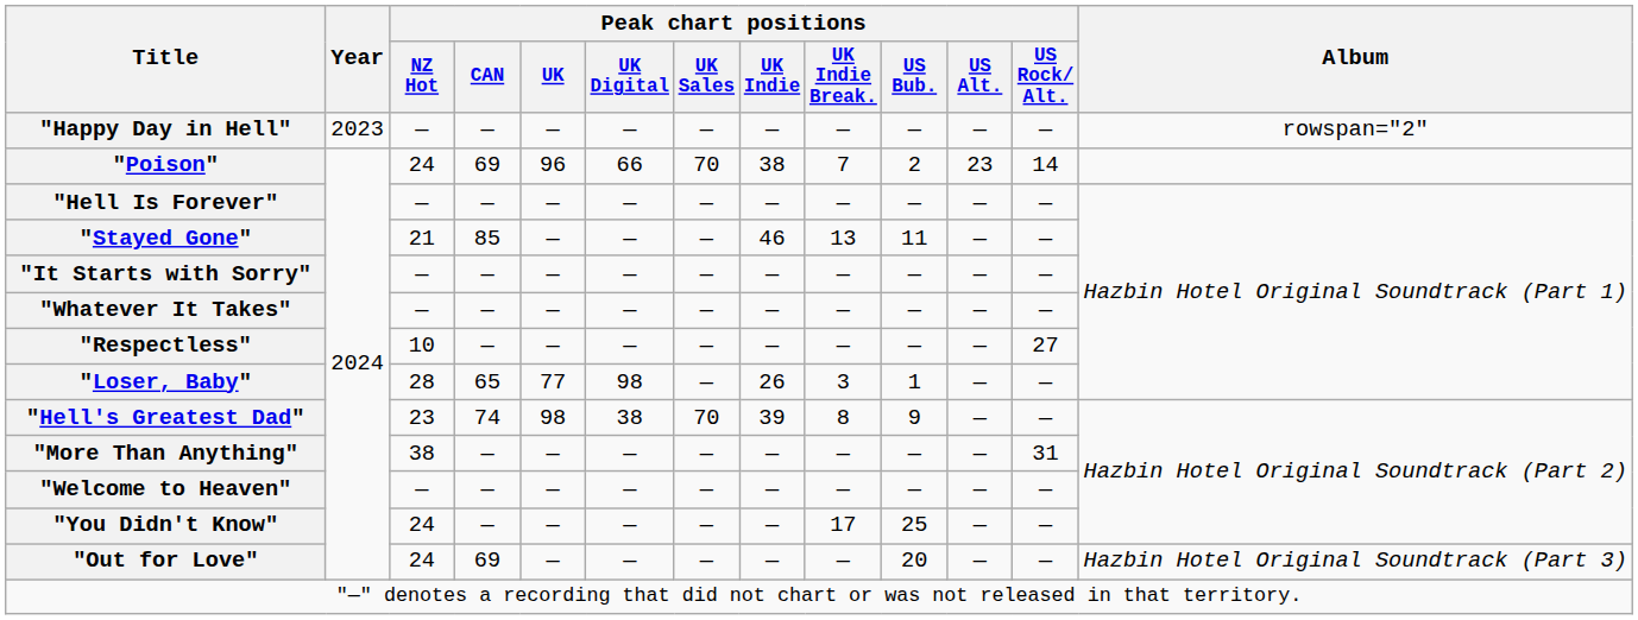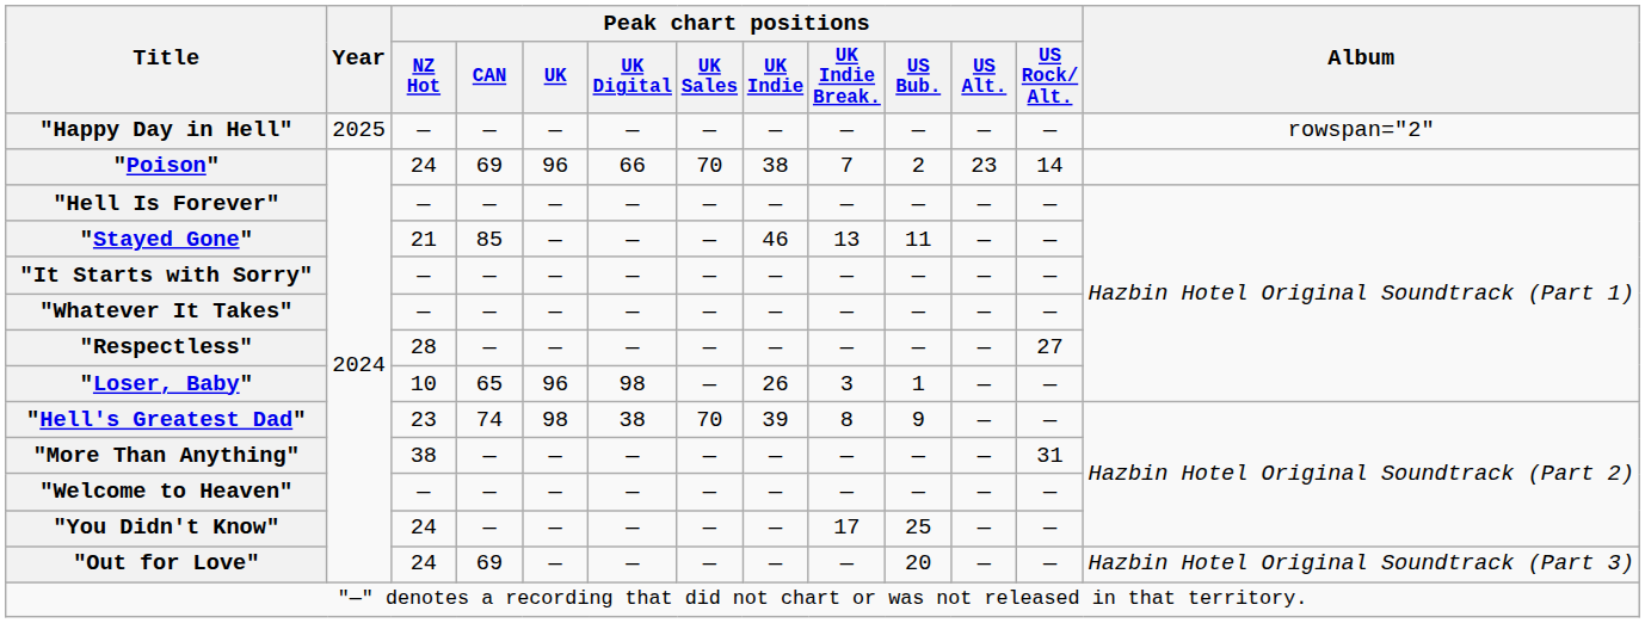 <table class="wikitable plainrowheaders" style="text-align:center">
 <tr>
 <th scope="col" rowspan="2" style="width:14em;">Title</th>
 <th scope="col" rowspan="2" style="width:1em;">Year</th>
 <th scope="col" colspan="10">Peak chart positions</th>
 <th scope="col" rowspan="2">Album</th>
 </tr>
 <tr>
 <th scope="col" style="width:3em;font-size:85%;"><a href='#'>NZ Hot</a><br></th>
 <th scope="col" style="width:3em;font-size:85%;"><a href='#'>CAN</a><br></th>
 <th scope="col" style="width:3em;font-size:85%;"><a href='#'>UK</a><br></th>
 <th scope="col" style="width:3em;font-size:85%;"><a href='#'>UK Digital</a></th>
 <th scope="col" style="width:3em;font-size:85%;"><a href='#'>UK Sales</a></th>
 <th scope="col" style="width:3em;font-size:85%;"><a href='#'>UK Indie</a></th>
 <th scope="col" style="width:3em;font-size:85%;"><a href='#'>UK<br>Indie<br>Break.</a></th>
 <th scope="col" style="width:3em;font-size:85%;"><a href='#'>US<br>Bub.</a><br></th>
 <th scope="col" style="width:3em;font-size:85%;"><a href='#'>US<br>Alt.</a></th>
 <th scope="col" style="width:3em;font-size:85%;"><a href='#'>US<br>Rock/<br>Alt.</a><br></th>
 </tr>
 <tr>
 <th scope="row">"Happy Day in Hell"</th>
-<td>2023</td>
+<td>2025</td>
 <td>—</td>
 <td>—</td>
 <td>—</td>
 <td>—</td>
 <td>—</td>
 <td>—</td>
 <td>—</td>
 <td>—</td>
 <td>—</td>
 <td>—</td>
 <td>rowspan="2" </td>
 </tr>
 <tr>
 <th scope="row">"<a href='#'>Poison</a>"</th>
 <td rowspan="12">2024</td>
 <td>24</td>
 <td>69</td>
 <td>96</td>
 <td>66</td>
 <td>70</td>
 <td>38</td>
 <td>7</td>
 <td>2</td>
 <td>23</td>
 <td>14</td>
 </tr>
 <tr>
 <th scope="row">"Hell Is Forever"</th>
 <td>—</td>
 <td>—</td>
 <td>—</td>
 <td>—</td>
 <td>—</td>
 <td>—</td>
 <td>—</td>
 <td>—</td>
 <td>—</td>
 <td>—</td>
 <td rowspan="6"><em>Hazbin Hotel Original Soundtrack (Part 1)</em></td>
 </tr>
 <tr>
 <th scope="row">"<a href='#'>Stayed Gone</a>"</th>
 <td>21</td>
 <td>85</td>
 <td>—</td>
 <td>—</td>
 <td>—</td>
 <td>46</td>
 <td>13</td>
 <td>11</td>
 <td>—</td>
 <td>—</td>
 </tr>
 <tr>
 <th scope="row">"It Starts with Sorry"</th>
 <td>—</td>
 <td>—</td>
 <td>—</td>
 <td>—</td>
 <td>—</td>
 <td>—</td>
 <td>—</td>
 <td>—</td>
 <td>—</td>
 <td>—</td>
 </tr>
 <tr>
 <th scope="row">"Whatever It Takes"</th>
 <td>—</td>
 <td>—</td>
 <td>—</td>
 <td>—</td>
 <td>—</td>
 <td>—</td>
 <td>—</td>
 <td>—</td>
 <td>—</td>
 <td>—</td>
 </tr>
 <tr>
 <th scope="row">"Respectless"</th>
-<td>10</td>
+<td>28</td>
 <td>—</td>
 <td>—</td>
 <td>—</td>
 <td>—</td>
 <td>—</td>
 <td>—</td>
 <td>—</td>
 <td>—</td>
 <td>27</td>
 </tr>
 <tr>
 <th scope="row">"<a href='#'>Loser, Baby</a>"</th>
-<td>28</td>
+<td>10</td>
 <td>65</td>
-<td>77</td>
+<td>96</td>
 <td>98</td>
 <td>—</td>
 <td>26</td>
 <td>3</td>
 <td>1</td>
 <td>—</td>
 <td>—</td>
 </tr>
 <tr>
 <th scope="row">"<a href='#'>Hell's Greatest Dad</a>"</th>
 <td>23</td>
 <td>74</td>
 <td>98</td>
 <td>38</td>
 <td>70</td>
 <td>39</td>
 <td>8</td>
 <td>9</td>
 <td>—</td>
 <td>—</td>
 <td rowspan="4"><em>Hazbin Hotel Original Soundtrack (Part 2)</em></td>
 </tr>
 <tr>
 <th scope="row">"More Than Anything"</th>
 <td>38</td>
 <td>—</td>
 <td>—</td>
 <td>—</td>
 <td>—</td>
 <td>—</td>
 <td>—</td>
 <td>—</td>
 <td>—</td>
 <td>31</td>
 </tr>
 <tr>
 <th scope="row">"Welcome to Heaven"</th>
 <td>—</td>
 <td>—</td>
 <td>—</td>
 <td>—</td>
 <td>—</td>
 <td>—</td>
 <td>—</td>
 <td>—</td>
 <td>—</td>
 <td>—</td>
 </tr>
 <tr>
 <th scope="row">"You Didn't Know"</th>
 <td>24</td>
 <td>—</td>
 <td>—</td>
 <td>—</td>
 <td>—</td>
 <td>—</td>
 <td>17</td>
 <td>25</td>
 <td>—</td>
 <td>—</td>
 </tr>
 <tr>
 <th scope="row">"Out for Love"</th>
 <td>24</td>
 <td>69</td>
 <td>—</td>
 <td>—</td>
 <td>—</td>
 <td>—</td>
 <td>—</td>
 <td>20</td>
 <td>—</td>
 <td>—</td>
 <td><em>Hazbin Hotel Original Soundtrack (Part 3)</em></td>
 </tr>
 <tr>
 <td colspan="16" style="font-size:90%">"—" denotes a recording that did not chart or was not released in that territory.</td>
 </tr>
 </table>
